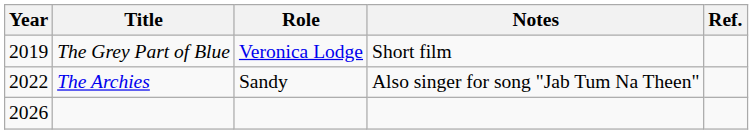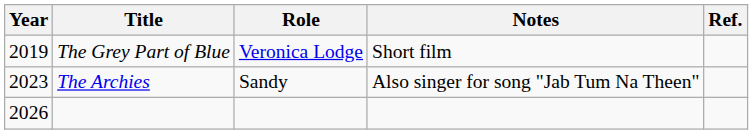 <table class="wikitable">
 <tr>
 <th scope="col">Year</th>
 <th scope="col">Title</th>
 <th scope="col">Role</th>
 <th class="unsortable" scope="col">Notes</th>
 <th class="unsortable" scope="col">Ref.</th>
 </tr>
 <tr>
 <td>2019</td>
 <td><em>The Grey Part of Blue</em></td>
 <td><a href='#'>Veronica Lodge</a></td>
 <td>Short film</td>
 <td></td>
 </tr>
 <tr>
-<td>2022</td>
+<td>2023</td>
 <td><em><a href='#'>The Archies</a></em></td>
 <td>Sandy</td>
 <td>Also singer for song "Jab Tum Na Theen"</td>
 <td></td>
 </tr>
 <tr>
 <td>2026</td>
 <td></td>
 <td></td>
 <td></td>
 <td style="text-align: center;"></td>
 </tr>
 </table>
